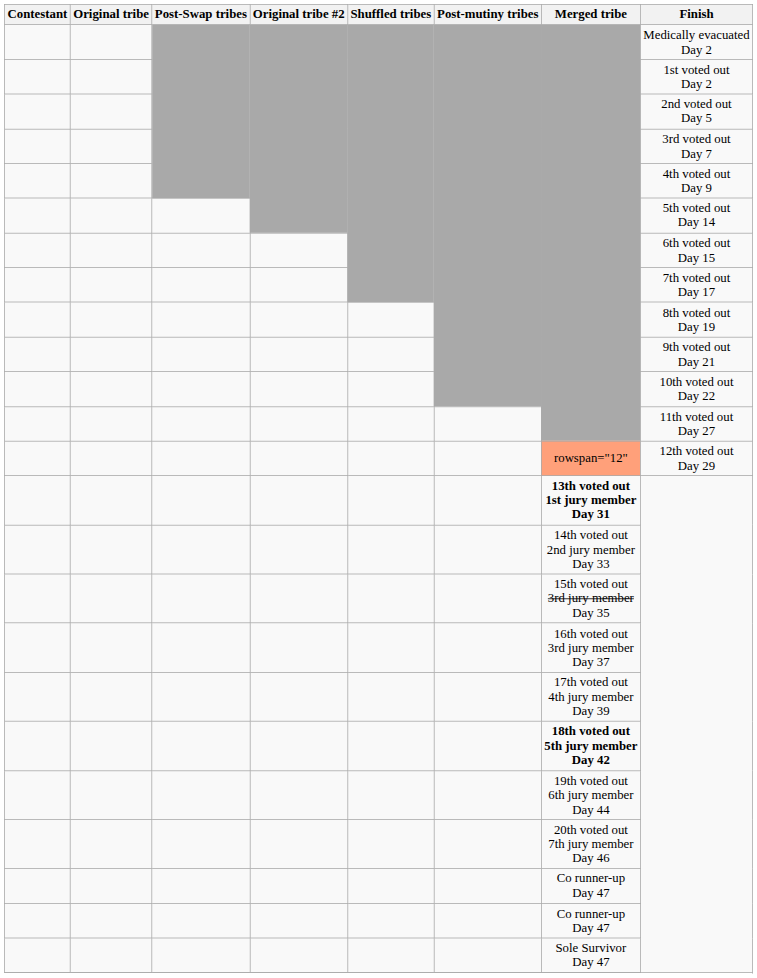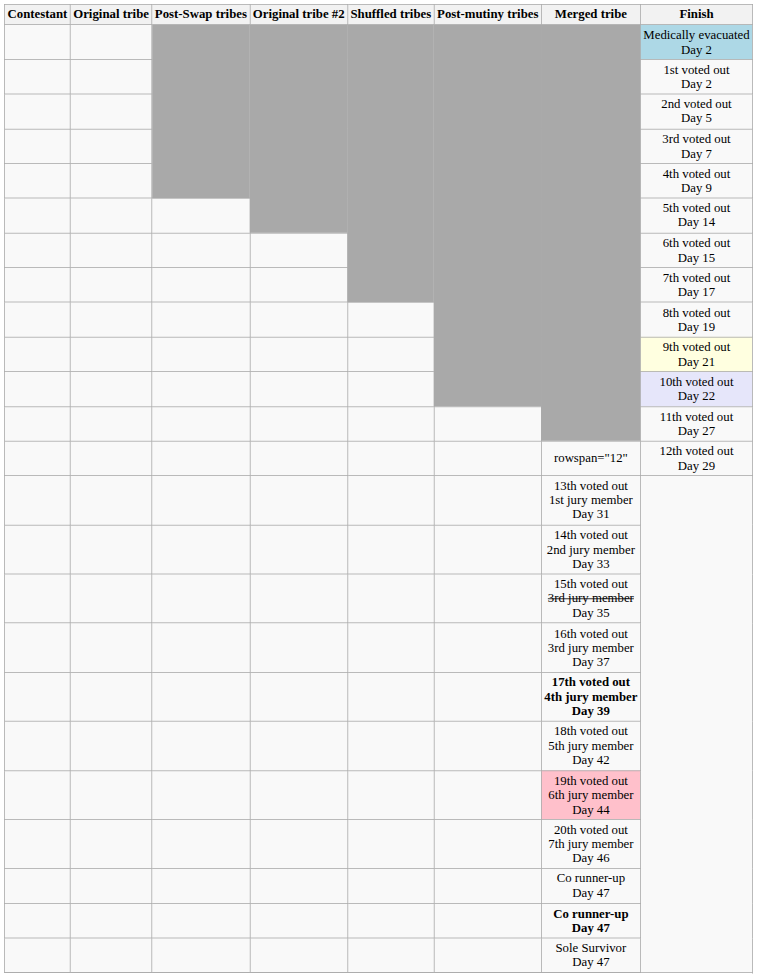 <table class="wikitable sortable nowrap" style="margin:auto; text-align:center">
 <tr>
 <th><strong>Contestant</strong></th>
 <th><strong>Original tribe</strong></th>
 <th><strong>Post-Swap tribes</strong></th>
 <th><strong>Original tribe #2</strong></th>
 <th><strong>Shuffled tribes</strong></th>
 <th><strong>Post-mutiny tribes</strong></th>
 <th><strong>Merged tribe</strong></th>
 <th><strong>Finish</strong></th>
 </tr>
 <tr>
 <td style="text-align:left"><strong></strong><br><br></td>
 <td></td>
 <td rowspan="5" style="background:darkgrey;"></td>
 <td rowspan="6" style="background:darkgrey;"></td>
 <td rowspan="8" style="background:darkgrey;"></td>
 <td rowspan="11" style="background:darkgrey;"></td>
 <td rowspan="12" style="background:darkgrey;"></td>
-<td>Medically evacuated<br>Day 2</td>
+<td style="background: lightblue;">Medically evacuated<br>Day 2</td>
 </tr>
 <tr>
 <td style="text-align:left"><strong></strong><br></td>
 <td></td>
 <td>1st voted out<br>Day 2</td>
 </tr>
 <tr>
 <td style="text-align:left"><strong></strong><br><br></td>
 <td></td>
 <td>2nd voted out<br>Day 5</td>
 </tr>
 <tr>
 <td style="text-align:left"><strong></strong><br><br></td>
 <td></td>
 <td>3rd voted out<br>Day 7</td>
 </tr>
 <tr>
 <td style="text-align:left"><strong></strong><br><br></td>
 <td></td>
 <td>4th voted out<br>Day 9</td>
 </tr>
 <tr>
 <td style="text-align:left"><strong></strong><br></td>
 <td></td>
 <td></td>
 <td>5th voted out<br>Day 14</td>
 </tr>
 <tr>
 <td style="text-align:left"><strong></strong><br></td>
 <td></td>
 <td></td>
 <td></td>
 <td>6th voted out<br>Day 15</td>
 </tr>
 <tr>
 <td style="text-align:left"><strong></strong><br></td>
 <td></td>
 <td></td>
 <td></td>
 <td>7th voted out<br>Day 17</td>
 </tr>
 <tr>
 <td style="text-align:left"><strong></strong><br> <br></td>
 <td></td>
 <td></td>
 <td></td>
 <td></td>
 <td>8th voted out<br>Day 19</td>
 </tr>
 <tr>
 <td style="text-align:left"><strong></strong><br><br></td>
 <td></td>
 <td></td>
 <td></td>
 <td></td>
-<td>9th voted out<br>Day 21</td>
+<td style="background: lightyellow;">9th voted out<br>Day 21</td>
 </tr>
 <tr>
 <td style="text-align:left"><strong></strong><br></td>
 <td></td>
 <td></td>
 <td></td>
 <td></td>
-<td>10th voted out<br>Day 22</td>
+<td style="background: lavender;">10th voted out<br>Day 22</td>
 </tr>
 <tr>
 <td style="text-align:left"><strong></strong><br><br></td>
 <td></td>
 <td></td>
 <td></td>
 <td></td>
 <td></td>
 <td>11th voted out<br>Day 27</td>
 </tr>
 <tr>
 <td style="text-align:left"><strong></strong><br></td>
 <td></td>
 <td></td>
 <td></td>
 <td></td>
 <td></td>
-<td style="background: lightsalmon;">rowspan="12" </td>
+<td>rowspan="12" </td>
 <td>12th voted out<br>Day 29</td>
 </tr>
 <tr>
 <td style="text-align:left"><strong></strong><br><br></td>
 <td></td>
 <td></td>
 <td></td>
 <td></td>
 <td></td>
-<td><strong>13th voted out<br> 1st jury member<br>Day 31</strong></td>
+<td>13th voted out<br> 1st jury member<br>Day 31</td>
 </tr>
 <tr>
 <td style="text-align:left"><strong></strong><br><br></td>
 <td></td>
 <td></td>
 <td></td>
 <td></td>
 <td></td>
 <td>14th voted out<br> 2nd jury member<br>Day 33</td>
 </tr>
 <tr>
 <td style="text-align:left"><strong></strong><br><br></td>
 <td></td>
 <td></td>
 <td></td>
 <td></td>
 <td></td>
 <td>15th voted out<br><s>3rd jury member</s><br>Day 35</td>
 </tr>
 <tr>
 <td align="left"><strong></strong><br><br></td>
 <td></td>
 <td></td>
 <td></td>
 <td></td>
 <td></td>
 <td>16th voted out<br>3rd jury member<br>Day 37</td>
 </tr>
 <tr>
 <td align="left"><strong></strong><br><br></td>
 <td></td>
 <td></td>
 <td></td>
 <td></td>
 <td></td>
-<td>17th voted out<br> 4th jury member<br>Day 39</td>
+<td><strong>17th voted out<br> 4th jury member<br>Day 39</strong></td>
 </tr>
 <tr>
 <td style="text-align:left"><strong></strong><br><br></td>
 <td></td>
 <td></td>
 <td></td>
 <td></td>
 <td></td>
-<td><strong>18th voted out<br> 5th jury member<br>Day 42</strong></td>
+<td>18th voted out<br> 5th jury member<br>Day 42</td>
 </tr>
 <tr>
 <td align="left"><strong></strong><br><br></td>
 <td></td>
 <td></td>
 <td></td>
 <td></td>
 <td></td>
-<td>19th voted out<br> 6th jury member<br>Day 44</td>
+<td style="background: pink;">19th voted out<br> 6th jury member<br>Day 44</td>
 </tr>
 <tr>
 <td style="text-align:left"><strong></strong><br><br></td>
 <td></td>
 <td></td>
 <td></td>
 <td></td>
 <td></td>
 <td>20th voted out<br> 7th jury member<br>Day 46</td>
 </tr>
 <tr>
 <td style="text-align:left"><strong></strong><br><br></td>
 <td></td>
 <td></td>
 <td></td>
 <td></td>
 <td></td>
 <td>Co runner-up<br> Day 47</td>
 </tr>
 <tr>
 <td style="text-align:left"><strong></strong><br><br></td>
 <td></td>
 <td></td>
 <td></td>
 <td></td>
 <td></td>
-<td>Co runner-up<br> Day 47</td>
+<td><strong>Co runner-up<br> Day 47</strong></td>
 </tr>
 <tr>
 <td style="text-align:left"><strong></strong><br></td>
 <td></td>
 <td></td>
 <td></td>
 <td></td>
 <td></td>
 <td>Sole Survivor<br> Day 47</td>
 </tr>
 <tr>
 </tr>
 </table>
